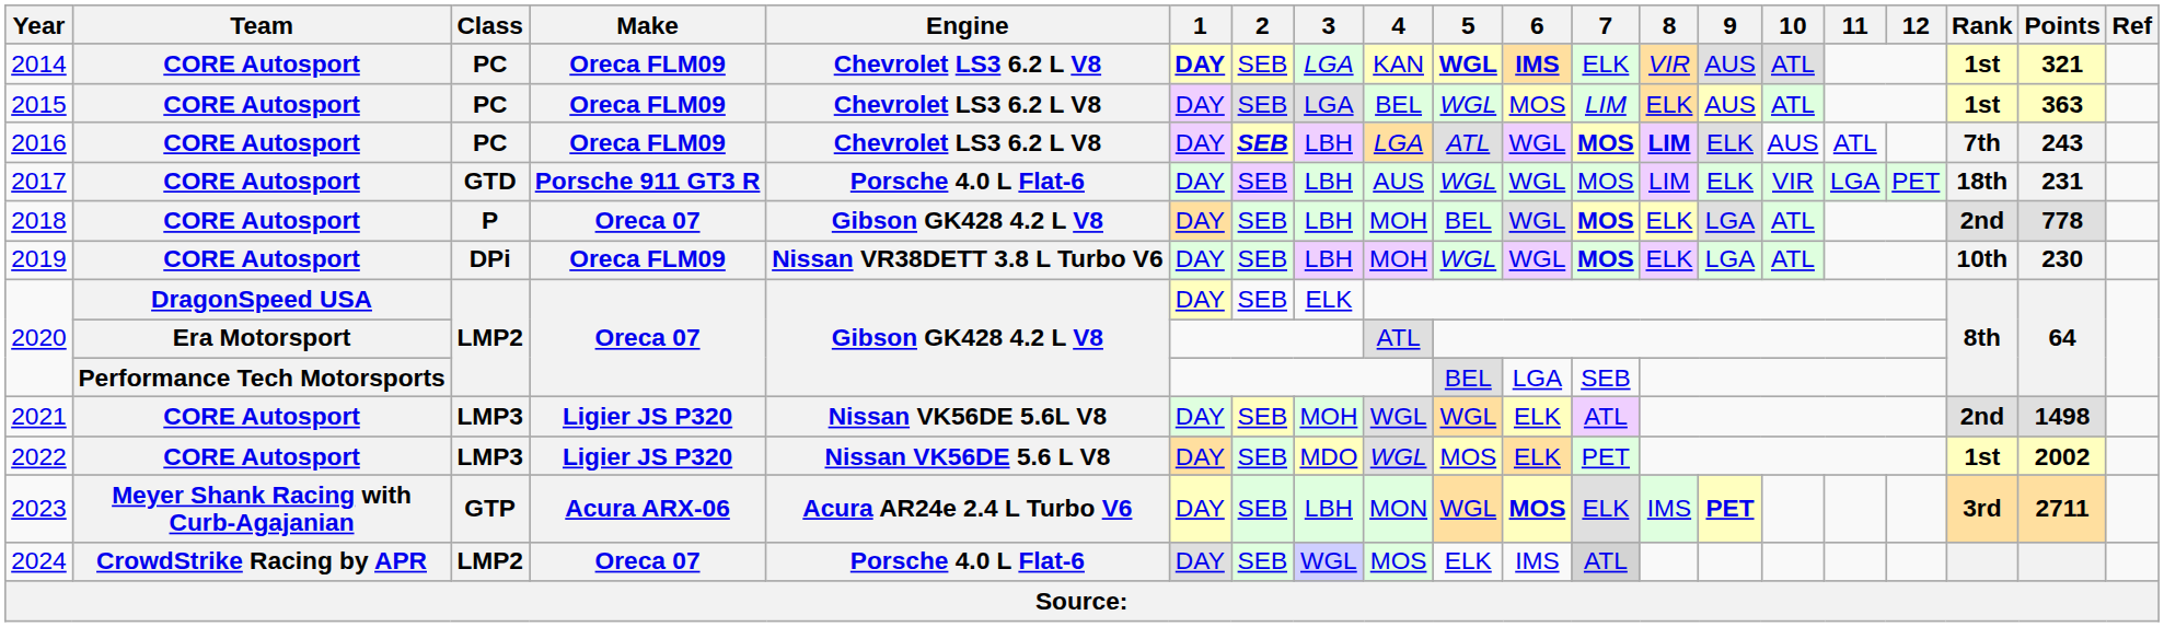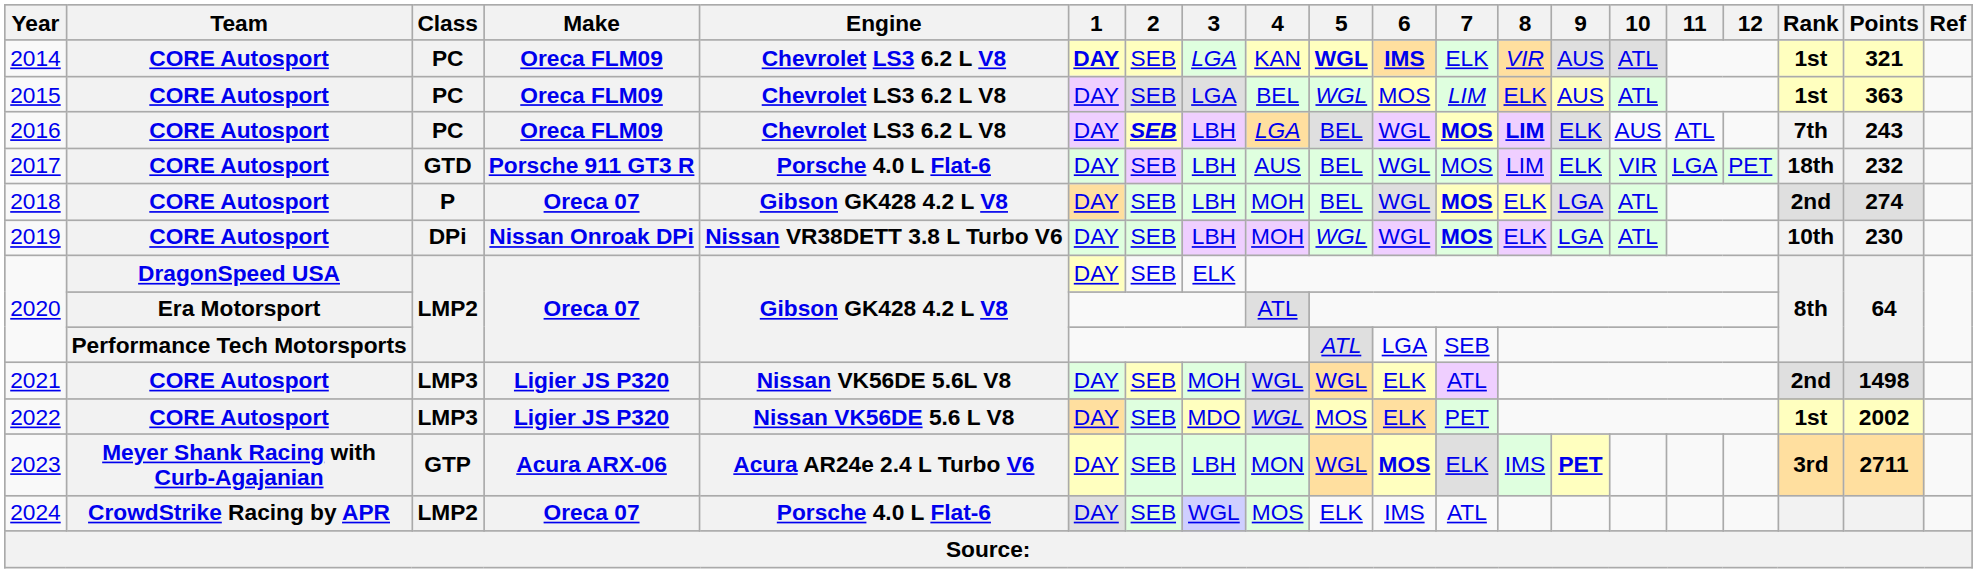 <table class="wikitable" style="text-align:center; font-size:85%">
 <tr>
 <th>Year</th>
 <th>Team</th>
 <th>Class</th>
 <th>Make</th>
 <th>Engine</th>
 <th>1</th>
 <th>2</th>
 <th>3</th>
 <th>4</th>
 <th>5</th>
 <th>6</th>
 <th>7</th>
 <th>8</th>
 <th>9</th>
 <th>10</th>
 <th>11</th>
 <th>12</th>
 <th>Rank</th>
 <th>Points</th>
 <th>Ref</th>
 </tr>
 <tr>
 <td><a href='#'>2014</a></td>
 <th nowrap><a href='#'>CORE Autosport</a></th>
 <th>PC</th>
 <th nowrap><a href='#'>Oreca FLM09</a></th>
 <th nowrap><a href='#'>Chevrolet</a> <a href='#'>LS3</a> 6.2 L <a href='#'>V8</a></th>
 <td style="background:#FFFFBF;"><strong><a href='#'>DAY</a></strong><br></td>
 <td style="background:#FFFFBF;"><a href='#'>SEB</a><br></td>
 <td style="background:#dfffdf;"><em><a href='#'>LGA</a></em><br></td>
 <td style="background:#FFFFBF;"><a href='#'>KAN</a><br></td>
 <td style="background:#FFFFBF;"><strong><a href='#'>WGL</a></strong><br></td>
 <td style="background:#FFDF9F;"><strong><a href='#'>IMS</a></strong><br></td>
 <td style="background:#dfffdf;"><a href='#'>ELK</a><br></td>
 <td style="background:#FFDF9F;"><em><a href='#'>VIR</a></em><br></td>
 <td style="background:#DFDFDF;"><a href='#'>AUS</a><br></td>
 <td style="background:#DFDFDF;"><a href='#'>ATL</a><br></td>
 <td colspan=2></td>
 <td style="background:#ffffbf;"><strong>1st</strong></td>
 <td style="background:#ffffbf;"><strong>321</strong></td>
 <td></td>
 </tr>
 <tr>
 <td><a href='#'>2015</a></td>
 <th nowrap><a href='#'>CORE Autosport</a></th>
 <th>PC</th>
 <th nowrap><a href='#'>Oreca FLM09</a></th>
 <th nowrap><a href='#'>Chevrolet</a> LS3 6.2 L V8</th>
 <td style="background:#efcfff;"><a href='#'>DAY</a><br></td>
 <td style="background:#DFDFDF;"><a href='#'>SEB</a><br></td>
 <td style="background:#DFDFDF;"><a href='#'>LGA</a><br></td>
 <td style="background:#dfffdf;"><a href='#'>BEL</a><br></td>
 <td style="background:#DFFFDF;"><em><a href='#'>WGL</a></em><br></td>
 <td style="background:#ffffbf;"><a href='#'>MOS</a><br></td>
 <td style="background:#DFFFDF;"><em><a href='#'>LIM</a></em><br></td>
 <td style="background:#FFDF9F;"><a href='#'>ELK</a><br></td>
 <td style="background:#ffffbf;"><a href='#'>AUS</a><br></td>
 <td style="background:#DFFFDF;"><a href='#'>ATL</a><br></td>
 <td colspan=2></td>
 <td style="background:#ffffbf;"><strong>1st</strong></td>
 <td style="background:#ffffbf;"><strong>363</strong></td>
 <td></td>
 </tr>
 <tr>
 <td><a href='#'>2016</a></td>
 <th nowrap><a href='#'>CORE Autosport</a></th>
 <th>PC</th>
 <th nowrap><a href='#'>Oreca FLM09</a></th>
 <th nowrap><a href='#'>Chevrolet</a> LS3 6.2 L V8</th>
 <td style="background:#efcfff;"><a href='#'>DAY</a><br></td>
 <td style="background:#ffffbf;"><strong><em><a href='#'>SEB</a></em></strong><br></td>
 <td style="background:#efcfff;"><a href='#'>LBH</a><br></td>
 <td style="background:#FFDF9F;"><em><a href='#'>LGA</a></em><br></td>
-<td style="background:#dfdfdf;"><em><a href='#'>ATL</a></em><br></td>
+<td style="background:#DFDFDF;"><a href='#'>BEL</a><br></td>
 <td style="background:#efcfff;"><a href='#'>WGL</a><br></td>
 <td style="background:#ffffbf;"><strong><a href='#'>MOS</a></strong><br></td>
 <td style="background:#efcfff;"><strong><a href='#'>LIM</a></strong><br></td>
 <td style="background:#DFDFDF;"><a href='#'>ELK</a><br></td>
 <td><a href='#'>AUS</a></td>
 <td><a href='#'>ATL</a></td>
 <td></td>
 <th>7th</th>
 <th>243</th>
 <td></td>
 </tr>
 <tr>
 <td><a href='#'>2017</a></td>
 <th nowrap><a href='#'>CORE Autosport</a></th>
 <th>GTD</th>
 <th nowrap><a href='#'>Porsche 911 GT3 R</a></th>
 <th nowrap><a href='#'>Porsche</a> 4.0 L <a href='#'>Flat-6</a></th>
 <td style="background:#DFFFDF;"><a href='#'>DAY</a><br></td>
 <td style="background:#efcfff;"><a href='#'>SEB</a><br></td>
 <td style="background:#DFFFDF;"><a href='#'>LBH</a><br></td>
 <td style="background:#DFFFDF;"><a href='#'>AUS</a><br></td>
-<td style="background:#DFFFDF;"><em><a href='#'>WGL</a></em><br></td>
+<td style="background:#DFFFDF;"><a href='#'>BEL</a><br></td>
 <td style="background:#DFFFDF;"><a href='#'>WGL</a><br></td>
 <td style="background:#DFFFDF;"><a href='#'>MOS</a><br></td>
 <td style="background:#efcfff;"><a href='#'>LIM</a><br></td>
 <td style="background:#DFFFDF;"><a href='#'>ELK</a><br></td>
 <td style="background:#DFFFDF;"><a href='#'>VIR</a><br></td>
 <td style="background:#DFFFDF;"><a href='#'>LGA</a><br></td>
 <td style="background:#DFFFDF;"><a href='#'>PET</a><br></td>
 <th>18th</th>
-<th>231</th>
+<th>232</th>
 <td></td>
 </tr>
 <tr>
 <td><a href='#'>2018</a></td>
 <th nowrap><a href='#'>CORE Autosport</a></th>
 <th>P</th>
 <th nowrap><a href='#'>Oreca 07</a></th>
 <th nowrap><a href='#'>Gibson</a> GK428 4.2 L <a href='#'>V8</a></th>
 <td style="background:#ffdf9f;"><a href='#'>DAY</a><br></td>
 <td style="background:#dfffdf;"><a href='#'>SEB</a><br></td>
 <td style="background:#dfffdf;"><a href='#'>LBH</a><br></td>
 <td style="background:#dfffdf;"><a href='#'>MOH</a><br></td>
 <td style="background:#dfffdf;"><a href='#'>BEL</a><br></td>
 <td style="background:#dfdfdf;"><a href='#'>WGL</a><br></td>
 <td style="background:#ffffbf;"><strong><a href='#'>MOS</a></strong><br></td>
 <td style="background:#ffffbf;"><a href='#'>ELK</a><br></td>
 <td style="background:#dfdfdf;"><a href='#'>LGA</a><br></td>
 <td style="background:#dfffdf;"><a href='#'>ATL</a><br></td>
 <td colspan=2></td>
 <th style="background:#dfdfdf;">2nd</th>
-<th style="background:#dfdfdf;">778</th>
+<th style="background:#dfdfdf;">274</th>
 <td></td>
 </tr>
 <tr>
 <td rowspan=1><a href='#'>2019</a></td>
 <th nowrap><a href='#'>CORE Autosport</a></th>
 <th>DPi</th>
-<th nowrap><a href='#'>Oreca FLM09</a></th>
+<th nowrap><a href='#'>Nissan Onroak DPi</a></th>
 <th nowrap><a href='#'>Nissan</a> VR38DETT 3.8 L Turbo V6</th>
 <td style="background:#dfffdf;"><a href='#'>DAY</a><br></td>
 <td style="background:#dfffdf;"><a href='#'>SEB</a><br></td>
 <td style="background:#efcfff;"><a href='#'>LBH</a><br></td>
 <td style="background:#efcfff;"><a href='#'>MOH</a><br></td>
 <td style="background:#DFFFDF;"><em><a href='#'>WGL</a></em><br></td>
 <td style="background:#efcfff;"><a href='#'>WGL</a><br></td>
 <td style="background:#dfffdf;"><strong><a href='#'>MOS</a></strong><br></td>
 <td style="background:#efcfff;"><a href='#'>ELK</a><br></td>
 <td style="background:#dfffdf;"><a href='#'>LGA</a><br></td>
 <td style="background:#dfffdf;"><a href='#'>ATL</a><br></td>
 <td colspan=2></td>
 <th>10th</th>
 <th>230</th>
 <td></td>
 </tr>
 <tr>
 <td rowspan=3><a href='#'>2020</a></td>
 <th nowrap><a href='#'>DragonSpeed USA</a></th>
 <th rowspan=3>LMP2</th>
 <th rowspan=3 nowrap><a href='#'>Oreca 07</a></th>
 <th rowspan=3 nowrap><a href='#'>Gibson</a> GK428 4.2 L <a href='#'>V8</a></th>
 <td style="background:#ffffbf;"><a href='#'>DAY</a><br></td>
 <td><a href='#'>SEB</a><br></td>
 <td><a href='#'>ELK</a><br></td>
 <td colspan=9></td>
 <th rowspan=3>8th</th>
 <th rowspan=3>64</th>
 <td rowspan="3"></td>
 </tr>
 <tr>
 <th>Era Motorsport</th>
 <td colspan=3></td>
 <td style="background:#dfdfdf;"><a href='#'>ATL</a><br></td>
 <td colspan=8></td>
 </tr>
 <tr>
 <th nowrap>Performance Tech Motorsports</th>
 <td colspan=4></td>
-<td style="background:#DFDFDF;"><a href='#'>BEL</a><br></td>
+<td style="background:#dfdfdf;"><em><a href='#'>ATL</a></em><br></td>
 <td><a href='#'>LGA</a><br></td>
 <td><a href='#'>SEB</a><br></td>
 <td colspan=5></td>
 </tr>
 <tr>
 <td rowspan=1><a href='#'>2021</a></td>
 <th nowrap><a href='#'>CORE Autosport</a></th>
 <th>LMP3</th>
 <th nowrap><a href='#'>Ligier JS P320</a></th>
 <th nowrap><a href='#'>Nissan</a> VK56DE 5.6L V8</th>
 <td style="background:#dfffdf;"><a href='#'>DAY</a><br></td>
 <td style="background:#ffffbf;"><a href='#'>SEB</a><br></td>
 <td style="background:#dfffdf;"><a href='#'>MOH</a><br></td>
 <td style="background:#dfdfdf;"><a href='#'>WGL</a><br></td>
 <td style="background:#ffdf9f;"><a href='#'>WGL</a><br></td>
 <td style="background:#ffffbf;"><a href='#'>ELK</a><br></td>
 <td style="background:#efcfff;"><a href='#'>ATL</a><br></td>
 <td colspan=5></td>
 <th style="background:#dfdfdf;">2nd</th>
 <th style="background:#dfdfdf;">1498</th>
 <td></td>
 </tr>
 <tr>
 <td><a href='#'>2022</a></td>
 <th nowrap><a href='#'>CORE Autosport</a></th>
 <th>LMP3</th>
 <th nowrap><a href='#'>Ligier JS P320</a></th>
 <th nowrap><a href='#'>Nissan VK56DE</a> 5.6 L V8</th>
 <td style="background:#FFDF9F;"><a href='#'>DAY</a><br></td>
 <td style="background:#DFFFDF;"><a href='#'>SEB</a><br></td>
 <td style="background:#FFFFBF;"><a href='#'>MDO</a><br></td>
 <td style="background:#DFDFDF;"><em><a href='#'>WGL</a></em><br></td>
 <td style="background:#FFFFBF;"><a href='#'>MOS</a><br></td>
 <td style="background:#FFDF9F;"><a href='#'>ELK</a><br></td>
 <td style="background:#DFFFDF;"><a href='#'>PET</a><br></td>
 <td colspan=5></td>
 <th style="background:#ffffbf;">1st</th>
 <th style="background:#ffffbf;">2002</th>
 <td></td>
 </tr>
 <tr>
 <td><a href='#'>2023</a></td>
 <th nowrap><a href='#'>Meyer Shank Racing</a> with<br><a href='#'>Curb-Agajanian</a></th>
 <th>GTP</th>
 <th nowrap><a href='#'>Acura ARX-06</a></th>
 <th nowrap><a href='#'>Acura</a> AR24e 2.4 L Turbo <a href='#'>V6</a></th>
 <td style="background:#FFFFBF;"><a href='#'>DAY</a><br></td>
 <td style="background:#DFFFDF;"><a href='#'>SEB</a><br></td>
 <td style="background:#DFFFDF;"><a href='#'>LBH</a><br></td>
 <td style="background:#DFFFDF;"><a href='#'>MON</a><br></td>
 <td style="background:#FFDF9F;”"><a href='#'>WGL</a><br></td>
 <td style="background:#FFFFBF;"><strong><a href='#'>MOS</a><br></strong></td>
 <td style="background:#DFDFDF;”"><a href='#'>ELK</a><br></td>
 <td style="background:#DFFFDF;"><a href='#'>IMS</a><br></td>
 <td style="background:#FFFFBF;"><strong><a href='#'>PET</a><br></strong></td>
 <td></td>
 <td></td>
 <td></td>
 <th style="background:#FFDF9F;">3rd</th>
 <th style="background:#FFDF9F;">2711</th>
 <td></td>
 </tr>
 <tr>
 <td><a href='#'>2024</a></td>
 <th nowrap><a href='#'>CrowdStrike</a> Racing by <a href='#'>APR</a></th>
 <th>LMP2</th>
 <th nowrap><a href='#'>Oreca 07</a></th>
 <th nowrap><a href='#'>Porsche</a> 4.0 L <a href='#'>Flat-6</a></th>
 <td style="background:#dfdfdf;"><a href='#'>DAY</a><br></td>
 <td style="background:#dfffdf;"><a href='#'>SEB</a><br></td>
 <td style="background:#cfcfff;"><a href='#'>WGL</a><br></td>
 <td style="background:#dfffdf;"><a href='#'>MOS</a><br></td>
 <td><a href='#'>ELK</a></td>
 <td><a href='#'>IMS</a></td>
-<td style="background: lightgrey;"><a href='#'>ATL</a></td>
+<td><a href='#'>ATL</a></td>
 <td></td>
 <td></td>
 <td></td>
 <td></td>
 <td></td>
 <th></th>
 <th></th>
 <td></td>
 </tr>
 <tr>
 <th colspan="20">Source:</th>
 </tr>
 </table>
